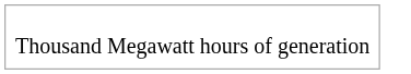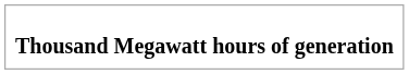 <table style="border:solid 1px #aaa;" cellpadding="7" cellspacing="0">
 <tr>
 <td></td>
 </tr>
 <tr>
-<td>Thousand Megawatt hours of generation</td>
+<td><strong>Thousand Megawatt hours of generation</strong></td>
 </tr>
 </table>
